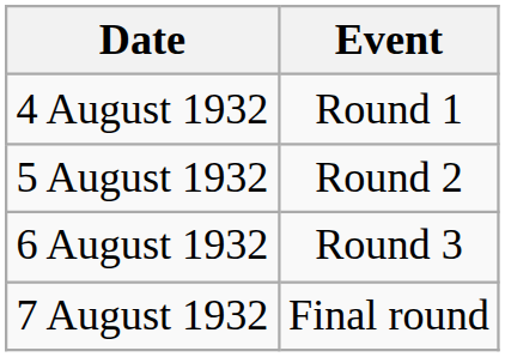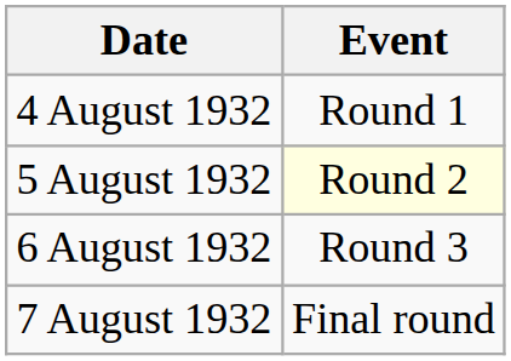 <table class = "wikitable" style="text-align:center;">
 <tr>
 <th>Date</th>
 <th>Event</th>
 </tr>
 <tr>
 <td>4 August 1932</td>
 <td>Round 1</td>
 </tr>
 <tr>
 <td>5 August 1932</td>
-<td>Round 2</td>
+<td style="background: lightyellow;">Round 2</td>
 </tr>
 <tr>
 <td>6 August 1932</td>
 <td>Round 3</td>
 </tr>
 <tr>
 <td>7 August 1932</td>
 <td>Final round</td>
 </tr>
 </table>
